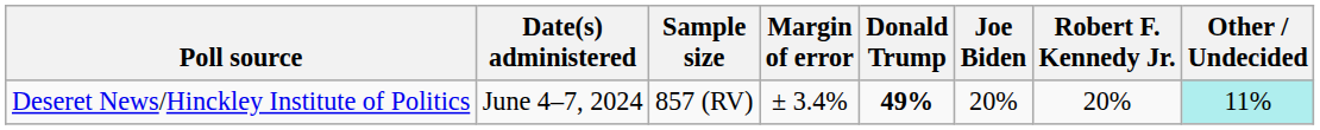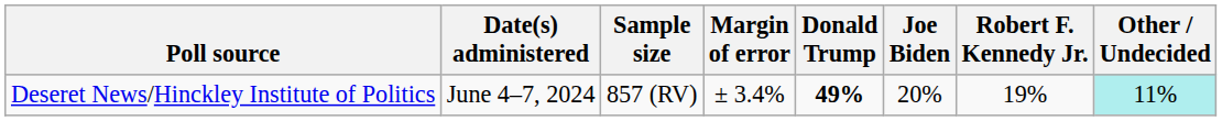 <table class="wikitable sortable mw-datatable" style="font-size:90%;text-align:center;line-height:17px">
 <tr valign=bottom>
 <th>Poll source</th>
 <th>Date(s)<br>administered</th>
 <th>Sample<br>size</th>
 <th>Margin<br>of error</th>
 <th class="unsortable">Donald<br>Trump<br></th>
 <th class="unsortable">Joe<br>Biden<br></th>
 <th class="unsortable">Robert F.<br>Kennedy Jr.<br></th>
 <th class="unsortable">Other /<br>Undecided</th>
 </tr>
 <tr>
 <td style="text-align:left;"><a href='#'>Deseret News</a>/<a href='#'>Hinckley Institute of Politics</a></td>
 <td data-sort-value="2024-06-12">June 4–7, 2024</td>
 <td>857 (RV)</td>
 <td>± 3.4%</td>
 <td style="background-color:"><strong>49%</strong></td>
 <td>20%</td>
-<td>20%</td>
+<td>19%</td>
 <td style="background: paleturquoise;">11%</td>
 </tr>
 </table>
